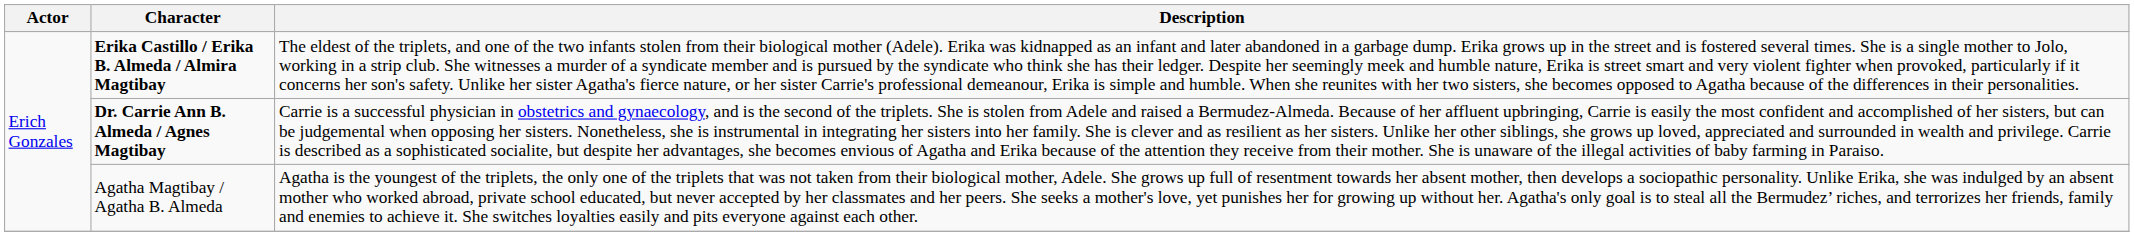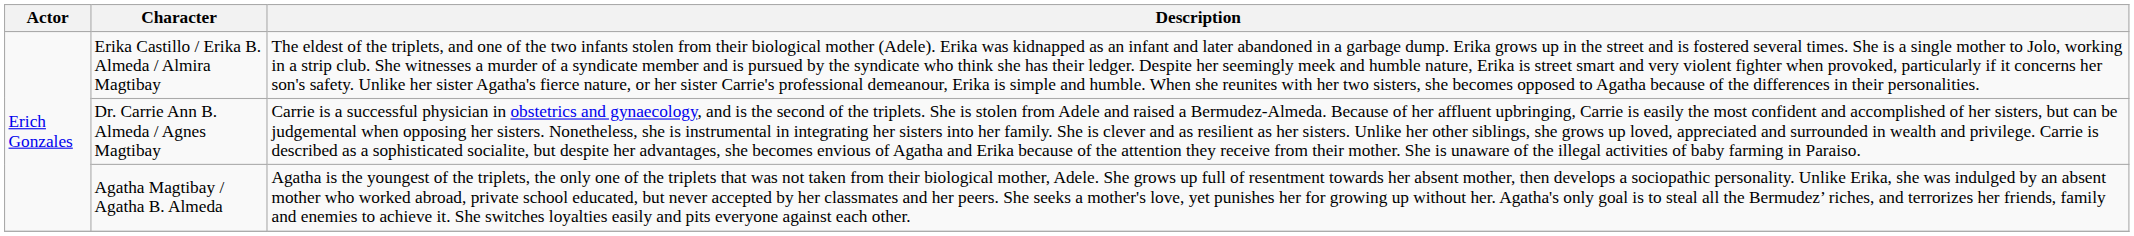 <table class="wikitable">
 <tr>
 <th>Actor</th>
 <th>Character</th>
 <th>Description</th>
 </tr>
 <tr>
 <td rowspan="3"><a href='#'>Erich Gonzales</a></td>
-<td><strong>Erika Castillo / Erika B. Almeda / Almira Magtibay</strong></td>
+<td>Erika Castillo / Erika B. Almeda / Almira Magtibay</td>
 <td>The eldest of the triplets, and one of the two infants stolen from their biological mother (Adele). Erika was kidnapped as an infant and later abandoned in a garbage dump. Erika grows up in the street and is fostered several times. She is a single mother to Jolo, working in a strip club. She witnesses a murder of a syndicate member and is pursued by the syndicate who think she has their ledger. Despite her seemingly meek and humble nature, Erika is street smart and very violent fighter when provoked, particularly if it concerns her son's safety. Unlike her sister Agatha's fierce nature, or her sister Carrie's professional demeanour, Erika is simple and humble. When she reunites with her two sisters, she becomes opposed to Agatha because of the differences in their personalities.</td>
 </tr>
 <tr>
-<td><strong>Dr. Carrie Ann B. Almeda / Agnes Magtibay</strong></td>
+<td>Dr. Carrie Ann B. Almeda / Agnes Magtibay</td>
 <td>Carrie is a successful physician in <a href='#'>obstetrics and gynaecology</a>, and is the second of the triplets. She is stolen from Adele and raised a Bermudez-Almeda. Because of her affluent upbringing, Carrie is easily the most confident and accomplished of her sisters, but can be judgemental when opposing her sisters. Nonetheless, she is instrumental in integrating her sisters into her family. She is clever and as resilient as her sisters. Unlike her other siblings, she grows up loved, appreciated and surrounded in wealth and privilege. Carrie is described as a sophisticated socialite, but despite her advantages, she becomes envious of Agatha and Erika because of the attention they receive from their mother. She is unaware of the illegal activities of baby farming in Paraiso.</td>
 </tr>
 <tr>
 <td>Agatha Magtibay / Agatha B. Almeda</td>
 <td>Agatha is the youngest of the triplets, the only one of the triplets that was not taken from their biological mother, Adele. She grows up full of resentment towards her absent mother, then develops a sociopathic personality. Unlike Erika, she was indulged by an absent mother who worked abroad, private school educated, but never accepted by her classmates and her peers. She seeks a mother's love, yet punishes her for growing up without her. Agatha's only goal is to steal all the Bermudez’ riches, and terrorizes her friends, family and enemies to achieve it. She switches loyalties easily and pits everyone against each other.</td>
 </tr>
 <tr>
 </tr>
 </table>
